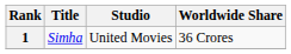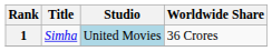 <table class="wikitable sortable"  style="margin:auto; margin:auto;">
 <tr>
 <th>Rank</th>
 <th>Title</th>
 <th>Studio</th>
 <th>Worldwide Share</th>
 </tr>
 <tr>
 <th style="text-align:center;">1</th>
 <td><a href='#'><em>Simha</em></a></td>
-<td>United Movies</td>
+<td style="background: lightblue;">United Movies</td>
 <td>36 Crores</td>
 </tr>
 <tr>
 </tr>
 </table>
